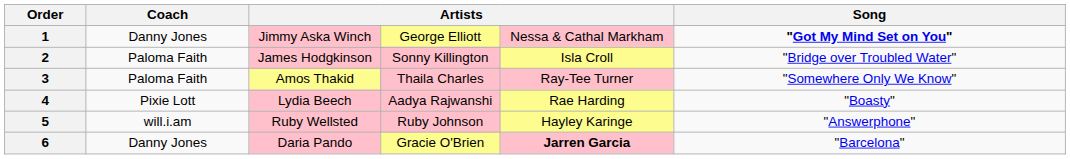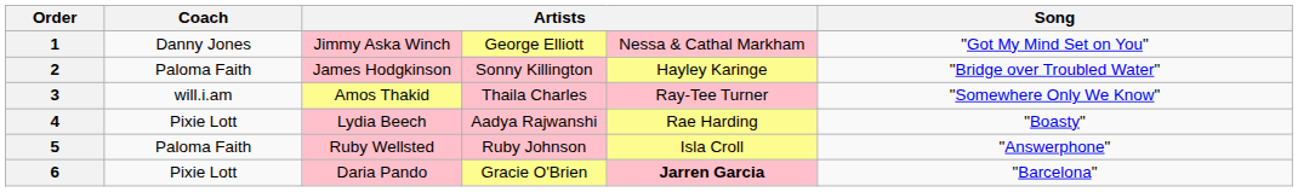 <table class="wikitable" style="text-align:center; width:100%;”">
 <tr>
 <th style="width:05%;">Order</th>
 <th style="width:10%;">Coach</th>
 <th style="width:26%;" colspan="3">Artists</th>
 <th style="width:24%;">Song</th>
 </tr>
 <tr>
 <th scope="col">1</th>
 <td>Danny Jones</td>
 <td style="background:pink;text-align:center;">Jimmy Aska Winch</td>
 <td style="background:#fdfc8f;text-align:center;">George Elliott</td>
 <td style="background:pink;text-align:center;">Nessa & Cathal Markham</td>
-<td><strong>"<a href='#'>Got My Mind Set on You</a>"</strong></td>
+<td>"<a href='#'>Got My Mind Set on You</a>"</td>
 </tr>
 <tr>
 <th scope="col">2</th>
 <td>Paloma Faith</td>
 <td style="background:pink;text-align:center;">James Hodgkinson</td>
 <td style="background:pink;text-align:center;">Sonny Killington</td>
-<td style="background:#fdfc8f;text-align:center;">Isla Croll</td>
+<td style="background:#fdfc8f;text-align:center;">Hayley Karinge</td>
 <td>"<a href='#'>Bridge over Troubled Water</a>"</td>
 </tr>
 <tr>
 <th scope="col">3</th>
-<td>Paloma Faith</td>
+<td>will.i.am</td>
 <td style="background:#fdfc8f;text-align:center;">Amos Thakid</td>
 <td style="background:pink;text-align:center;">Thaila Charles</td>
 <td style="background:pink;text-align:center;">Ray-Tee Turner</td>
 <td>"<a href='#'>Somewhere Only We Know</a>"</td>
 </tr>
 <tr>
 <th scope="col">4</th>
 <td>Pixie Lott</td>
 <td style="background:pink;text-align:center;">Lydia Beech</td>
 <td style="background:pink;text-align:center;">Aadya Rajwanshi</td>
 <td style="background:#fdfc8f;text-align:center;">Rae Harding</td>
 <td>"<a href='#'>Boasty</a>"</td>
 </tr>
 <tr>
 <th scope="col">5</th>
-<td>will.i.am</td>
+<td>Paloma Faith</td>
 <td style="background:pink;text-align:center;">Ruby Wellsted</td>
 <td style="background:pink;text-align:center;">Ruby Johnson</td>
-<td style="background:#fdfc8f;text-align:center;">Hayley Karinge</td>
+<td style="background:#fdfc8f;text-align:center;">Isla Croll</td>
 <td>"<a href='#'>Answerphone</a>"</td>
 </tr>
 <tr>
 <th scope="col">6</th>
-<td>Danny Jones</td>
+<td>Pixie Lott</td>
 <td style="background:pink;text-align:center;">Daria Pando</td>
 <td style="background:#fdfc8f;text-align:center;">Gracie O'Brien</td>
 <td style="background:pink;text-align:center;"><strong>Jarren Garcia</strong></td>
 <td>"<a href='#'>Barcelona</a>"</td>
 </tr>
 </table>
